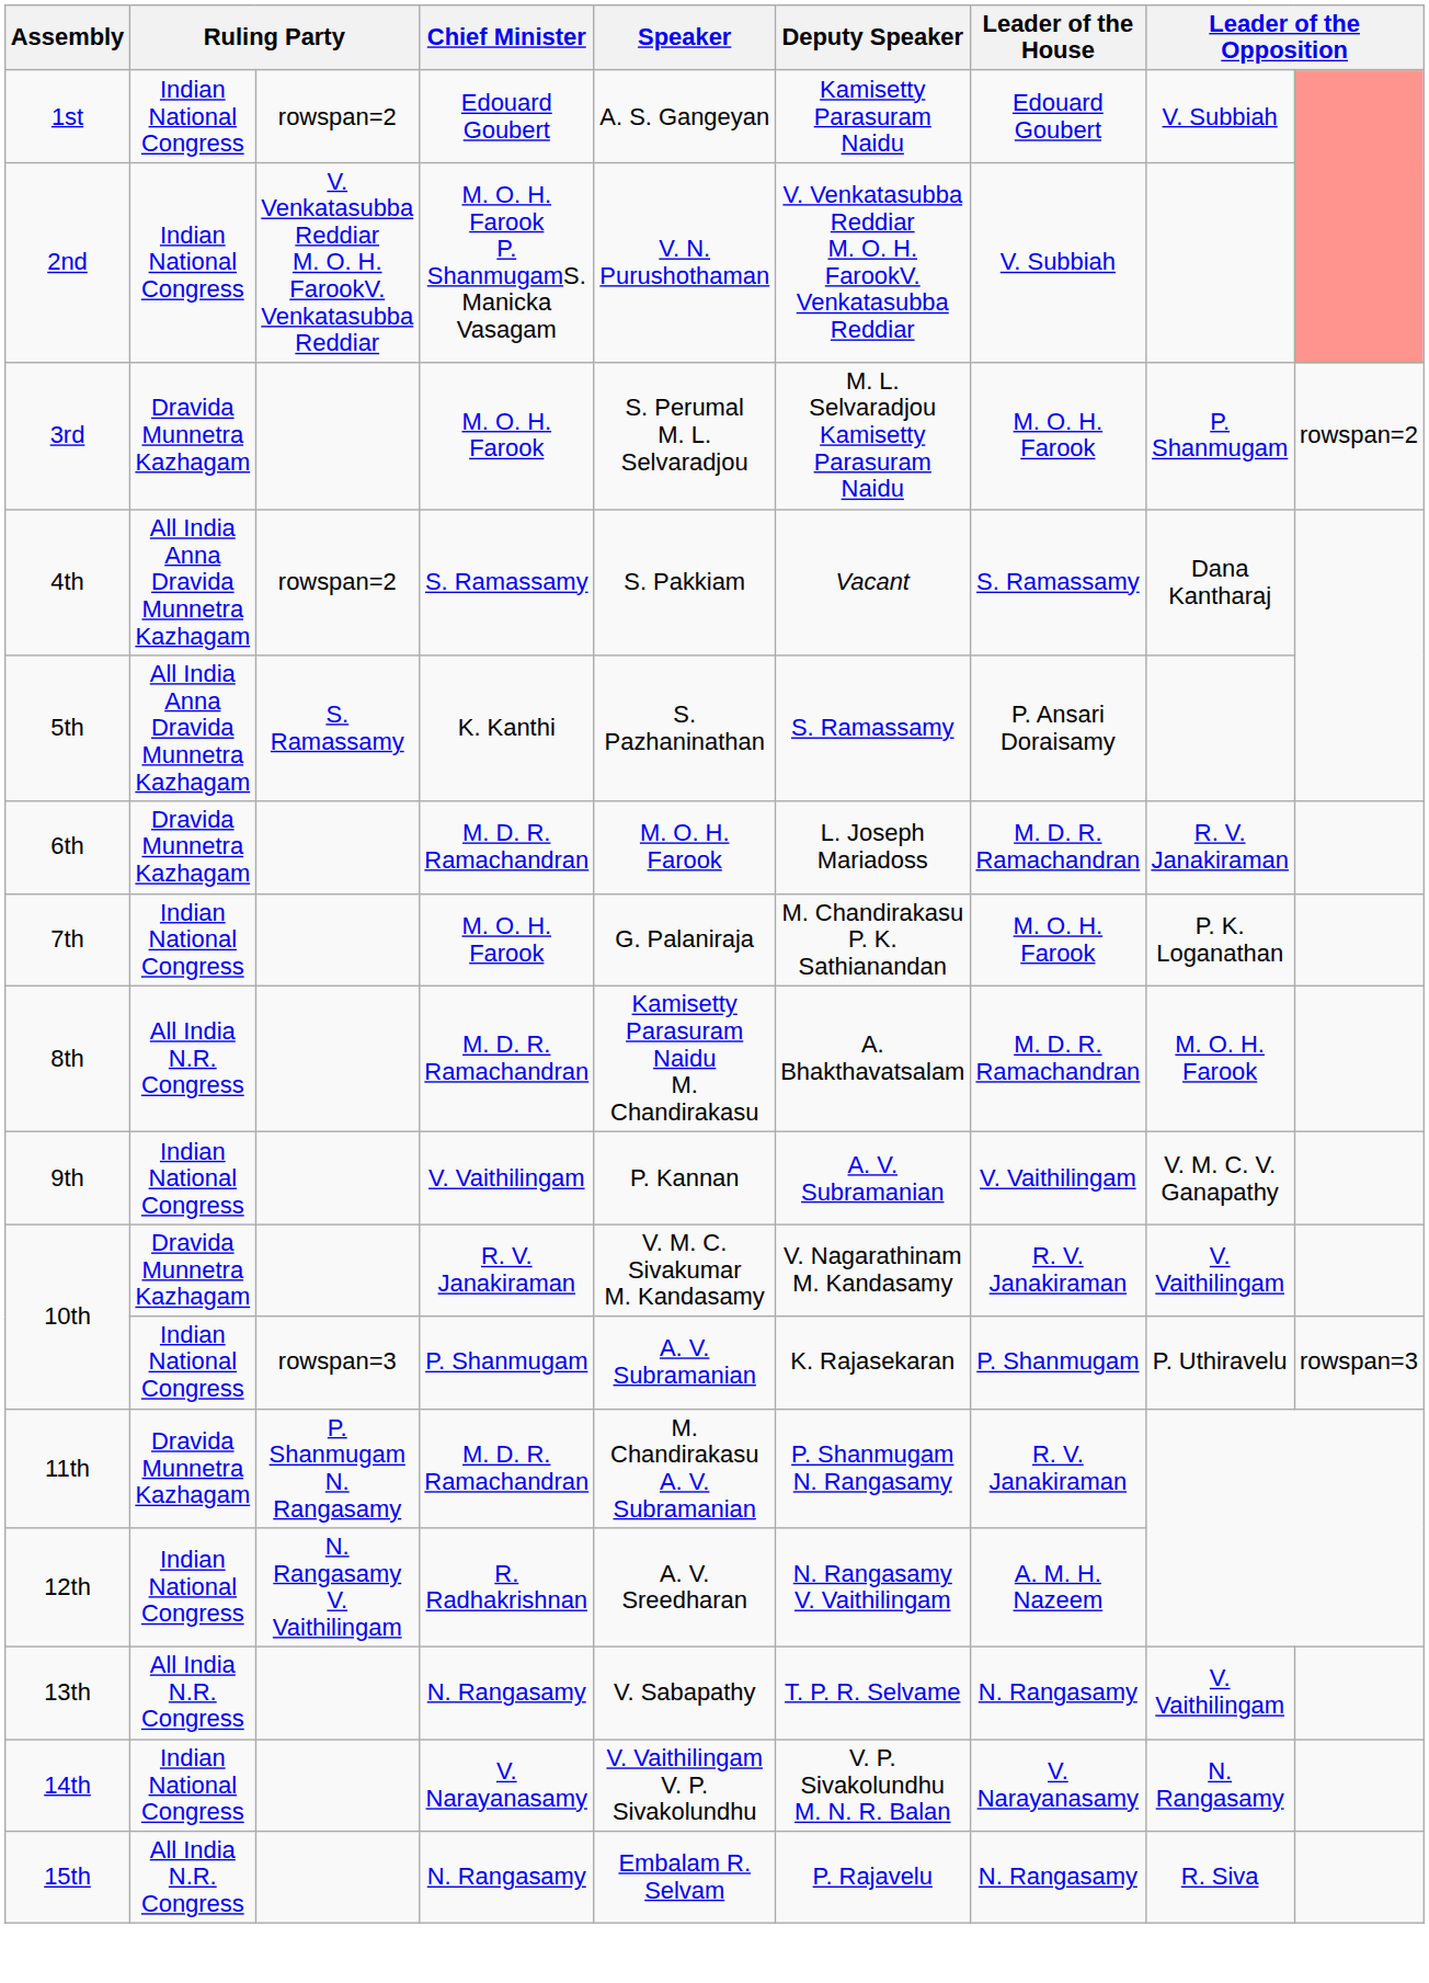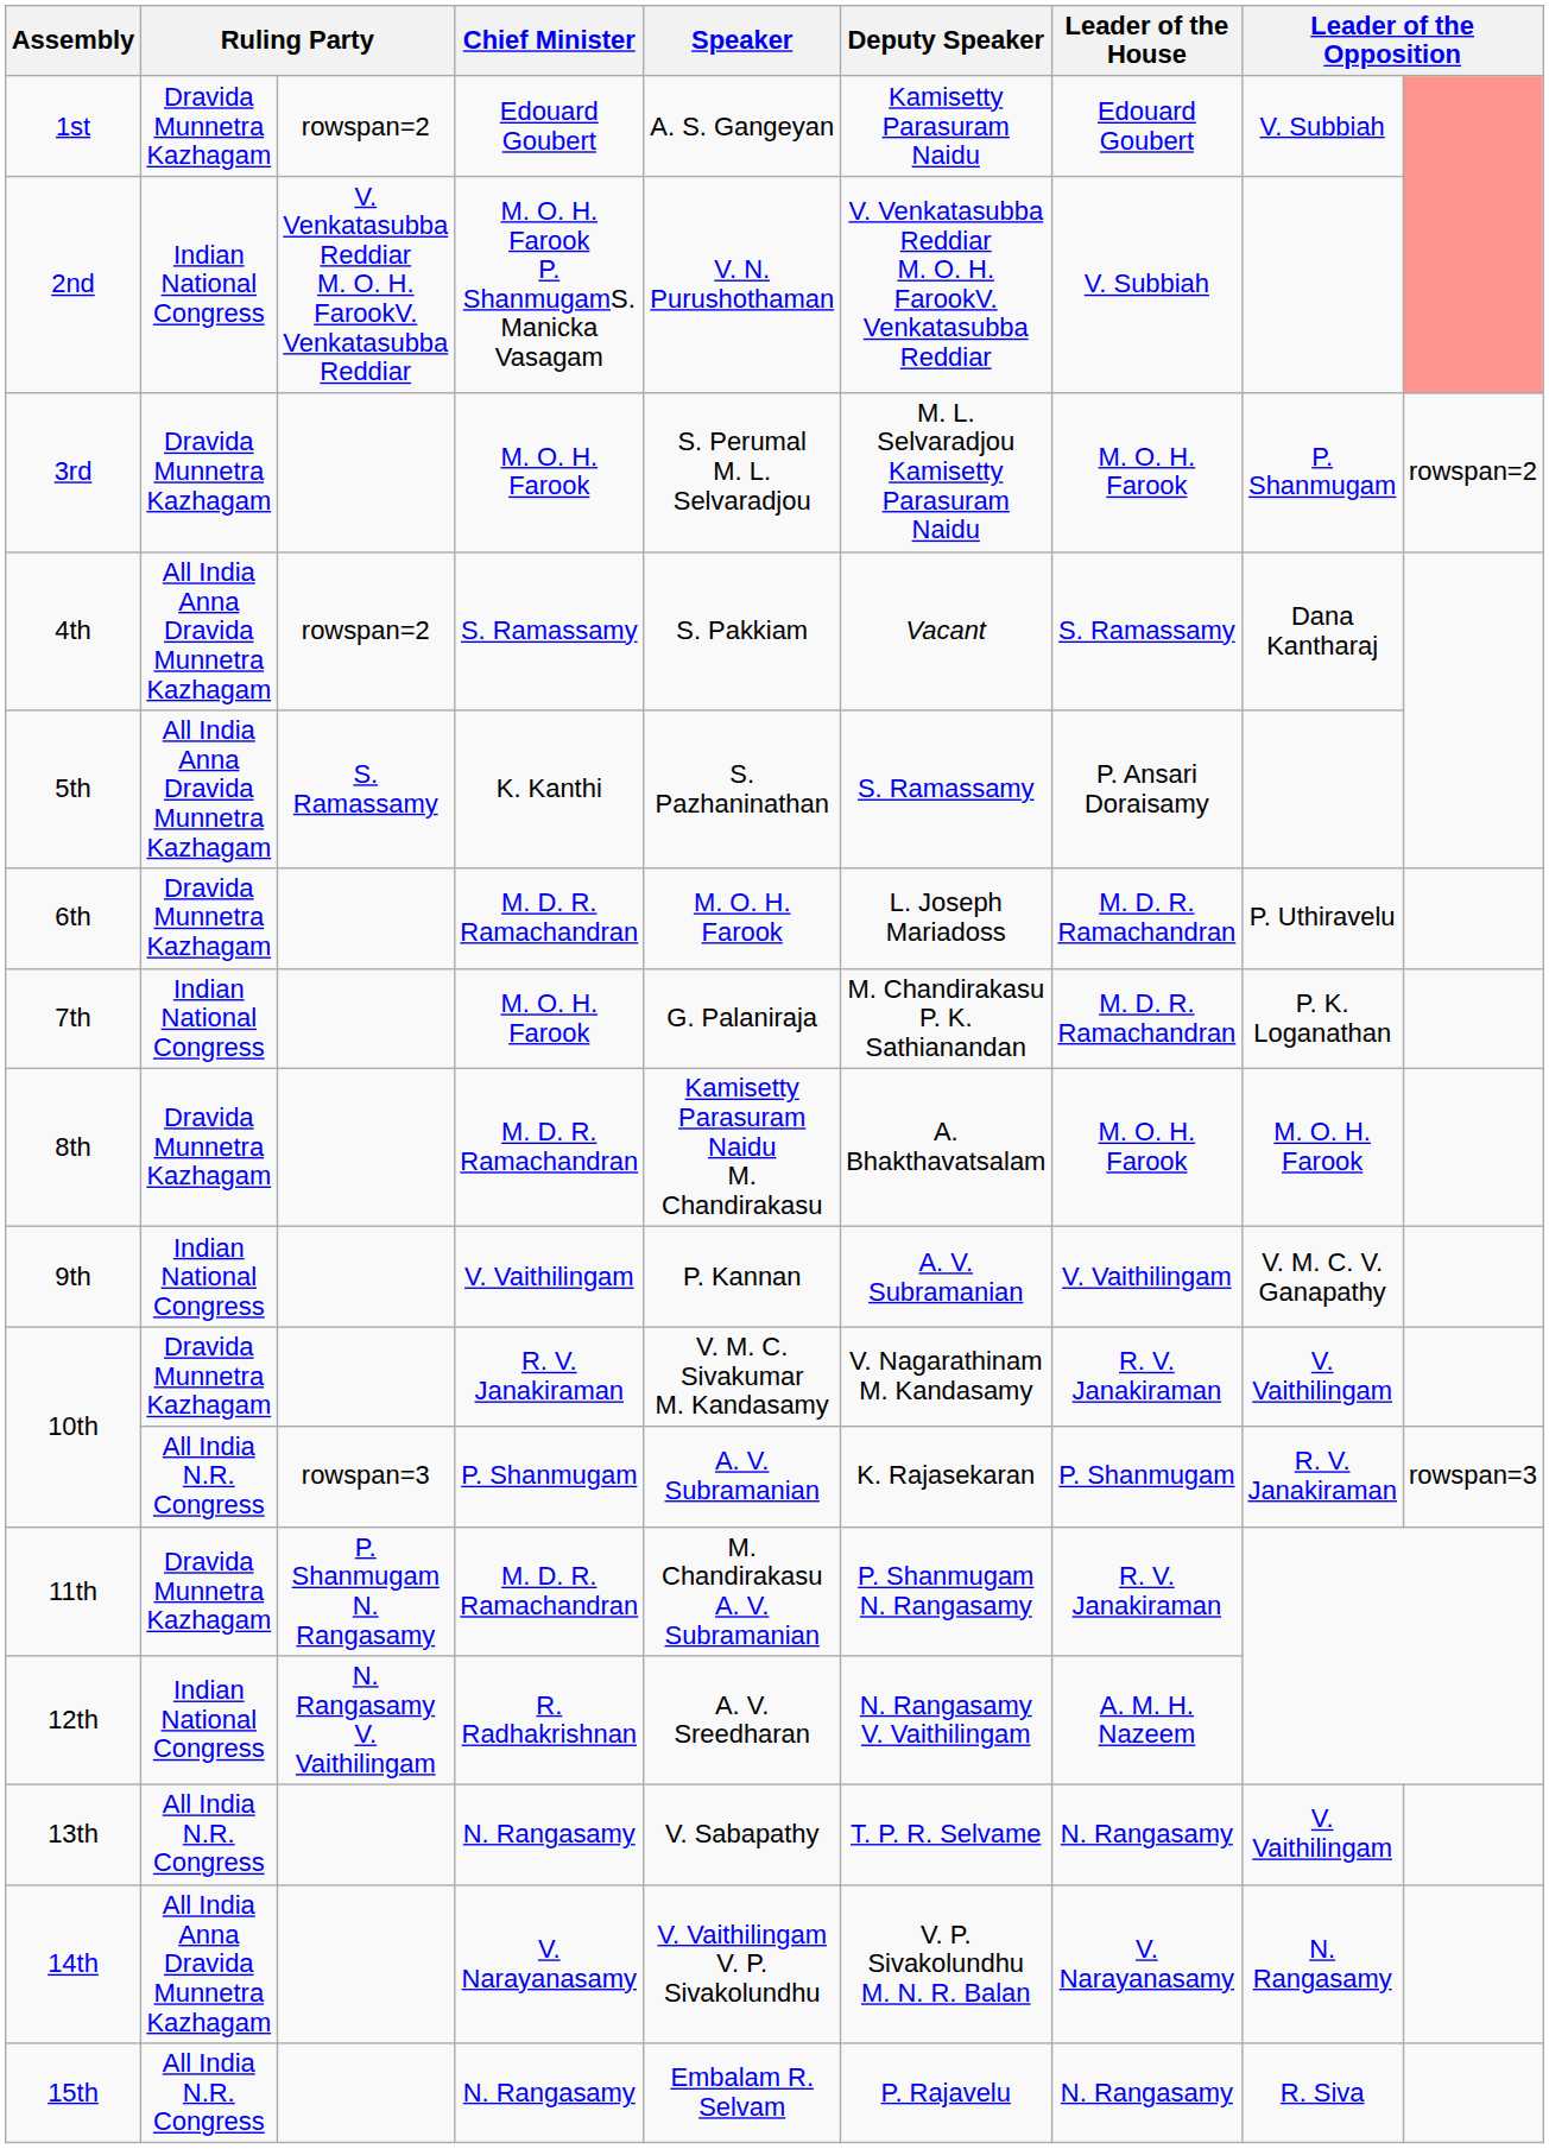 <table class="wikitable" style="text-align:center">
 <tr>
 <th>Assembly<br></th>
 <th colspan=2>Ruling Party</th>
 <th><a href='#'>Chief Minister</a></th>
 <th><a href='#'>Speaker</a></th>
 <th>Deputy Speaker</th>
 <th>Leader of the House</th>
 <th colspan=2><a href='#'>Leader of the Opposition</a></th>
 </tr>
 <tr>
 <td><a href='#'>1st</a><br></td>
-<td><a href='#'>Indian National Congress</a></td>
+<td><a href='#'>Dravida Munnetra Kazhagam</a></td>
 <td>rowspan=2 </td>
 <td><a href='#'>Edouard Goubert</a></td>
 <td>A. S. Gangeyan</td>
 <td><a href='#'>Kamisetty Parasuram Naidu</a></td>
 <td><a href='#'>Edouard Goubert</a></td>
 <td><a href='#'>V. Subbiah</a></td>
 <td rowspan=2 style="background:#FF948E;"></td>
 </tr>
 <tr>
 <td><a href='#'>2nd</a><br></td>
 <td><a href='#'>Indian National Congress</a></td>
 <td><a href='#'>V. Venkatasubba Reddiar</a><br><a href='#'>M. O. H. Farook</a><a href='#'>V. Venkatasubba Reddiar</a></td>
 <td><a href='#'>M. O. H. Farook</a><br><a href='#'>P. Shanmugam</a>S. Manicka Vasagam</td>
 <td><a href='#'>V. N. Purushothaman</a></td>
 <td><a href='#'>V. Venkatasubba Reddiar</a><br><a href='#'>M. O. H. Farook</a><a href='#'>V. Venkatasubba Reddiar</a></td>
 <td><a href='#'>V. Subbiah</a></td>
 </tr>
 <tr>
 <td><a href='#'>3rd</a><br></td>
 <td><a href='#'>Dravida Munnetra Kazhagam</a></td>
 <td></td>
 <td><a href='#'>M. O. H. Farook</a></td>
 <td>S. Perumal<br>M. L. Selvaradjou</td>
 <td>M. L. Selvaradjou<br><a href='#'>Kamisetty Parasuram Naidu</a></td>
 <td><a href='#'>M. O. H. Farook</a></td>
 <td><a href='#'>P. Shanmugam</a></td>
 <td>rowspan=2 </td>
 </tr>
 <tr>
 <td>4th<br></td>
 <td><a href='#'>All India Anna Dravida Munnetra Kazhagam</a></td>
 <td>rowspan=2 </td>
 <td><a href='#'>S. Ramassamy</a></td>
 <td>S. Pakkiam</td>
 <td><em>Vacant</em></td>
 <td><a href='#'>S. Ramassamy</a></td>
 <td>Dana Kantharaj</td>
 </tr>
 <tr>
 <td>5th<br></td>
 <td><a href='#'>All India Anna Dravida Munnetra Kazhagam</a></td>
 <td><a href='#'>S. Ramassamy</a></td>
 <td>K. Kanthi</td>
 <td>S. Pazhaninathan</td>
 <td><a href='#'>S. Ramassamy</a></td>
 <td>P. Ansari Doraisamy</td>
 <td></td>
 </tr>
 <tr>
 <td>6th<br></td>
 <td><a href='#'>Dravida Munnetra Kazhagam</a></td>
 <td></td>
 <td><a href='#'>M. D. R. Ramachandran</a></td>
 <td><a href='#'>M. O. H. Farook</a></td>
 <td>L. Joseph Mariadoss</td>
 <td><a href='#'>M. D. R. Ramachandran</a></td>
-<td><a href='#'>R. V. Janakiraman</a></td>
+<td>P. Uthiravelu</td>
 <td></td>
 </tr>
 <tr>
 <td>7th<br></td>
 <td><a href='#'>Indian National Congress</a></td>
 <td></td>
 <td><a href='#'>M. O. H. Farook</a></td>
 <td>G. Palaniraja</td>
 <td>M. Chandirakasu<br>P. K. Sathianandan</td>
-<td><a href='#'>M. O. H. Farook</a></td>
+<td><a href='#'>M. D. R. Ramachandran</a></td>
 <td>P. K. Loganathan</td>
 <td></td>
 </tr>
 <tr>
 <td>8th<br></td>
-<td><a href='#'>All India N.R. Congress</a></td>
+<td><a href='#'>Dravida Munnetra Kazhagam</a></td>
 <td></td>
 <td><a href='#'>M. D. R. Ramachandran</a></td>
 <td><a href='#'>Kamisetty Parasuram Naidu</a><br>M. Chandirakasu</td>
 <td>A. Bhakthavatsalam</td>
-<td><a href='#'>M. D. R. Ramachandran</a></td>
+<td><a href='#'>M. O. H. Farook</a></td>
 <td><a href='#'>M. O. H. Farook</a></td>
 <td></td>
 </tr>
 <tr>
 <td>9th<br></td>
 <td><a href='#'>Indian National Congress</a></td>
 <td></td>
 <td><a href='#'>V. Vaithilingam</a></td>
 <td>P. Kannan</td>
 <td><a href='#'>A. V. Subramanian</a></td>
 <td><a href='#'>V. Vaithilingam</a></td>
 <td>V. M. C. V. Ganapathy</td>
 <td></td>
 </tr>
 <tr>
 <td rowspan=2>10th<br></td>
 <td><a href='#'>Dravida Munnetra Kazhagam</a></td>
 <td></td>
 <td><a href='#'>R. V. Janakiraman</a></td>
 <td>V. M. C. Sivakumar<br>M. Kandasamy</td>
 <td>V. Nagarathinam<br>M. Kandasamy</td>
 <td><a href='#'>R. V. Janakiraman</a></td>
 <td><a href='#'>V. Vaithilingam</a></td>
 <td></td>
 </tr>
 <tr>
-<td><a href='#'>Indian National Congress</a></td>
+<td><a href='#'>All India N.R. Congress</a></td>
 <td>rowspan=3 </td>
 <td><a href='#'>P. Shanmugam</a></td>
 <td><a href='#'>A. V. Subramanian</a></td>
 <td>K. Rajasekaran</td>
 <td><a href='#'>P. Shanmugam</a></td>
-<td>P. Uthiravelu</td>
+<td><a href='#'>R. V. Janakiraman</a></td>
 <td>rowspan=3 </td>
 </tr>
 <tr>
 <td>11th<br></td>
 <td><a href='#'>Dravida Munnetra Kazhagam</a></td>
 <td><a href='#'>P. Shanmugam</a><br><a href='#'>N. Rangasamy</a></td>
 <td><a href='#'>M. D. R. Ramachandran</a></td>
 <td>M. Chandirakasu<br><a href='#'>A. V. Subramanian</a></td>
 <td><a href='#'>P. Shanmugam</a><br><a href='#'>N. Rangasamy</a></td>
 <td><a href='#'>R. V. Janakiraman</a></td>
 </tr>
 <tr>
 <td>12th<br></td>
 <td><a href='#'>Indian National Congress</a></td>
 <td><a href='#'>N. Rangasamy</a><br><a href='#'>V. Vaithilingam</a></td>
 <td><a href='#'>R. Radhakrishnan</a></td>
 <td>A. V. Sreedharan</td>
 <td><a href='#'>N. Rangasamy</a><br><a href='#'>V. Vaithilingam</a></td>
 <td><a href='#'>A. M. H. Nazeem</a></td>
 </tr>
 <tr>
 <td>13th<br></td>
 <td><a href='#'>All India N.R. Congress</a></td>
 <td></td>
 <td><a href='#'>N. Rangasamy</a></td>
 <td>V. Sabapathy</td>
 <td><a href='#'>T. P. R. Selvame</a></td>
 <td><a href='#'>N. Rangasamy</a></td>
 <td><a href='#'>V. Vaithilingam</a></td>
 <td></td>
 </tr>
 <tr>
 <td><a href='#'>14th</a><br></td>
-<td><a href='#'>Indian National Congress</a></td>
+<td><a href='#'>All India Anna Dravida Munnetra Kazhagam</a></td>
 <td></td>
 <td><a href='#'>V. Narayanasamy</a></td>
 <td><a href='#'>V. Vaithilingam</a><br>V. P. Sivakolundhu</td>
 <td>V. P. Sivakolundhu<br><a href='#'>M. N. R. Balan</a></td>
 <td><a href='#'>V. Narayanasamy</a></td>
 <td><a href='#'>N. Rangasamy</a></td>
 <td></td>
 </tr>
 <tr>
 <td><a href='#'>15th</a><br></td>
 <td><a href='#'>All India N.R. Congress</a></td>
 <td></td>
 <td><a href='#'>N. Rangasamy</a></td>
 <td><a href='#'>Embalam R. Selvam</a></td>
 <td><a href='#'>P. Rajavelu</a></td>
 <td><a href='#'>N. Rangasamy</a></td>
 <td><a href='#'>R. Siva</a></td>
 <td></td>
 </tr>
 </table>
